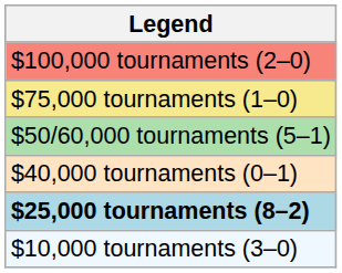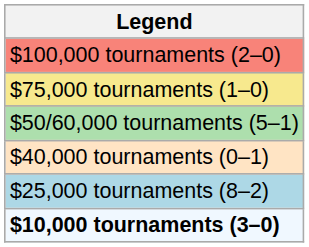 <table class="wikitable" style="font-size:85%;">
 <tr>
 <th>Legend</th>
 </tr>
 <tr style="background:#f88379;">
 <td>$100,000 tournaments (2–0)</td>
 </tr>
 <tr style="background:#f7e98e;">
 <td>$75,000 tournaments (1–0)</td>
 </tr>
 <tr style="background:#addfad;">
 <td>$50/60,000 tournaments (5–1)</td>
 </tr>
 <tr style="background:#ffe4c4;">
 <td>$40,000 tournaments (0–1)</td>
 </tr>
 <tr style="background:lightblue;">
-<td><strong>$25,000 tournaments (8–2)</strong></td>
+<td>$25,000 tournaments (8–2)</td>
 </tr>
 <tr style="background:#f0f8ff;">
-<td>$10,000 tournaments (3–0)</td>
+<td><strong>$10,000 tournaments (3–0)</strong></td>
 </tr>
 </table>
